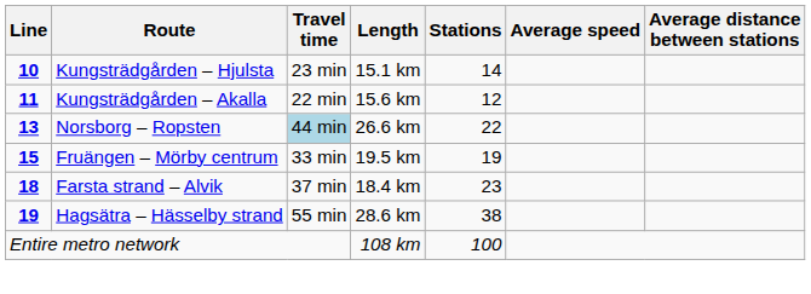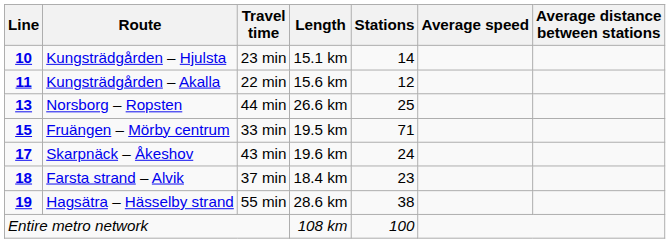 <table class="wikitable">
 <tr>
 <th>Line</th>
 <th>Route</th>
 <th>Travel<br>time</th>
 <th>Length</th>
 <th>Stations</th>
 <th>Average speed</th>
 <th>Average distance<br> between stations</th>
 </tr>
 <tr>
 <td align="center" style="color: white; background-color: #"><strong><a href='#'><span>10</span></a></strong></td>
 <td align="left"><a href='#'>Kungsträdgården</a> – <a href='#'>Hjulsta</a></td>
 <td align="right">23 min</td>
 <td align="right">15.1 km</td>
 <td align="right">14</td>
 <td align="right"></td>
 <td align="right"></td>
 </tr>
 <tr>
 <td align="center" style="color: white; background-color: #"><strong><a href='#'><span>11</span></a></strong></td>
 <td align="left"><a href='#'>Kungsträdgården</a> – <a href='#'>Akalla</a></td>
 <td align="right">22 min</td>
 <td align="right">15.6 km</td>
 <td align="right">12</td>
 <td align="right"></td>
 <td align="right"></td>
 </tr>
 <tr>
 <td align="center" style="color: white; background-color: #"><strong><a href='#'><span>13</span></a></strong></td>
 <td align="left"><a href='#'>Norsborg</a> – <a href='#'>Ropsten</a></td>
-<td align="right" style="background: lightblue;">44 min</td>
+<td align="right">44 min</td>
 <td align="right">26.6 km</td>
-<td align="right">22</td>
+<td align="right">25</td>
 <td align="right"></td>
 <td align="right"></td>
 </tr>
 <tr>
 <td align="center" style="color: white; background-color: #"><strong><a href='#'><span>15</span></a></strong></td>
 <td align="left"><a href='#'>Fruängen</a> – <a href='#'>Mörby centrum</a></td>
 <td align="right">33 min</td>
 <td align="right">19.5 km</td>
-<td align="right">19</td>
+<td align="right">71</td>
+<td align="right"></td>
+<td align="right"></td>
+</tr>
+<tr>
+<td align="center" style="color: white; background-color: #"><strong><a href='#'><span>17</span></a></strong></td>
+<td align="left"><a href='#'>Skarpnäck</a> – <a href='#'>Åkeshov</a></td>
+<td align="right">43 min</td>
+<td align="right">19.6 km</td>
+<td align="right">24</td>
 <td align="right"></td>
 <td align="right"></td>
 </tr>
 <tr>
 <td align="center" style="color: white; background-color: #"><strong><a href='#'><span>18</span></a></strong></td>
 <td align="left"><a href='#'>Farsta strand</a> – <a href='#'>Alvik</a></td>
 <td align="right">37 min</td>
 <td align="right">18.4 km</td>
 <td align="right">23</td>
 <td align="right"></td>
 <td align="right"></td>
 </tr>
 <tr>
 <td align="center" style="color: white; background-color: #"><strong><a href='#'><span>19</span></a></strong></td>
 <td align="left"><a href='#'>Hagsätra</a> – <a href='#'>Hässelby strand</a></td>
 <td align="right">55 min</td>
 <td align="right">28.6 km</td>
 <td align="right">38</td>
 <td align="right"></td>
 <td align="right"></td>
 </tr>
 <tr>
 <td colspan="3" align="left"><em>Entire metro network</em></td>
 <td align="right"><em>108 km</em></td>
 <td align="right"><em>100</em></td>
 </tr>
 </table>
